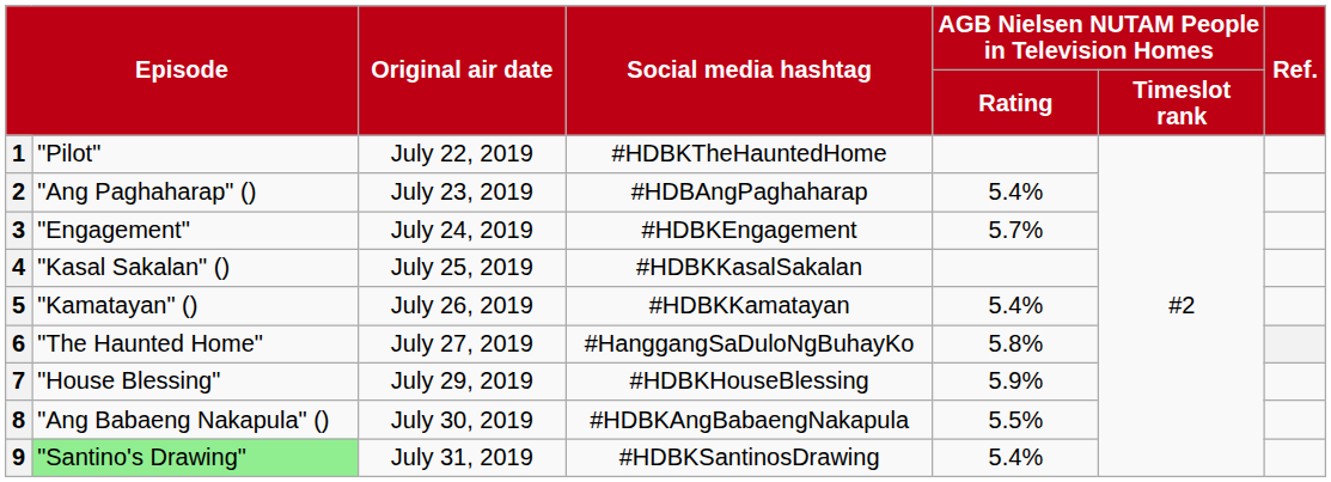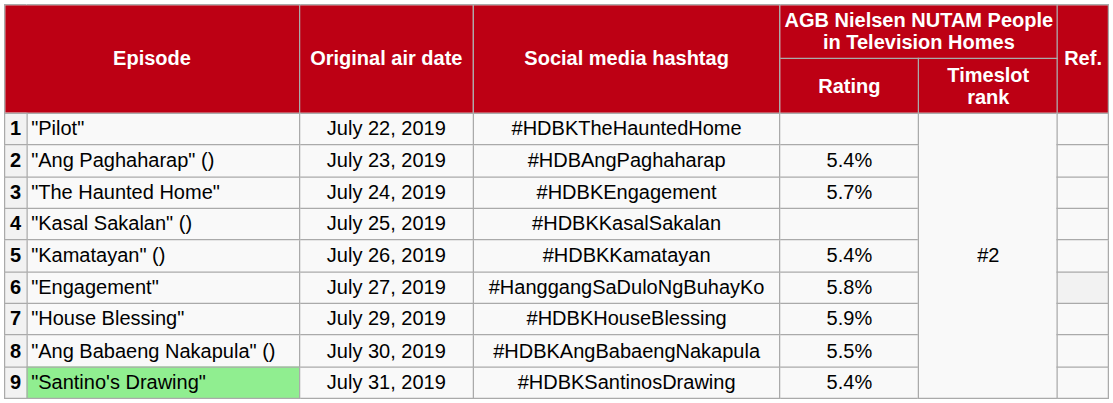 <table class="wikitable" style="text-align:center; font-size:100%; line-height:18px;" width="100%">
 <tr>
 <th style="background-color:#BD0014; color:#ffffff;" colspan="2" rowspan="2">Episode</th>
 <th style="background-color:#BD0014; color:white" rowspan="2">Original air date</th>
 <th style="background-color:#BD0014; color:white" rowspan="2">Social media hashtag</th>
 <th style="background-color:#BD0014; color:#ffffff;" colspan="2">AGB Nielsen NUTAM People in Television Homes</th>
 <th style="background-color:#BD0014; color:#ffffff;" rowspan="2">Ref.</th>
 </tr>
 <tr>
 <th style="background-color:#BD0014; width:75px; color:#ffffff;">Rating</th>
 <th style="background-color:#BD0014; width:75px; color:#ffffff;">Timeslot<br>rank</th>
 </tr>
 <tr>
 <th>1</th>
 <td style="text-align: left;">"Pilot"</td>
 <td>July 22, 2019</td>
 <td>#HDBKTheHauntedHome</td>
 <td></td>
 <td rowspan="9">#2</td>
 <td></td>
 </tr>
 <tr>
 <th>2</th>
 <td style="text-align: left;">"Ang Paghaharap" ()</td>
 <td>July 23, 2019</td>
 <td>#HDBAngPaghaharap</td>
 <td>5.4%</td>
 <td></td>
 </tr>
 <tr>
 <th>3</th>
-<td style="text-align: left;">"Engagement"</td>
+<td style="text-align: left;">"The Haunted Home"</td>
 <td>July 24, 2019</td>
 <td>#HDBKEngagement</td>
 <td>5.7%</td>
 <td></td>
 </tr>
 <tr>
 <th>4</th>
 <td style="text-align: left;">"Kasal Sakalan" ()</td>
 <td>July 25, 2019</td>
 <td>#HDBKKasalSakalan</td>
 <td></td>
 <td></td>
 </tr>
 <tr>
 <th>5</th>
 <td style="text-align: left;">"Kamatayan" ()</td>
 <td>July 26, 2019</td>
 <td>#HDBKKamatayan</td>
 <td>5.4%</td>
 <td></td>
 </tr>
 <tr>
 <th>6</th>
-<td style="text-align: left;">"The Haunted Home"</td>
+<td style="text-align: left;">"Engagement"</td>
 <td>July 27, 2019</td>
 <td>#HanggangSaDuloNgBuhayKo</td>
 <td>5.8%</td>
 <th></th>
 </tr>
 <tr>
 <th>7</th>
 <td style="text-align: left;">"House Blessing"</td>
 <td>July 29, 2019</td>
 <td>#HDBKHouseBlessing</td>
 <td>5.9%</td>
 <td></td>
 </tr>
 <tr>
 <th>8</th>
 <td style="text-align: left;">"Ang Babaeng Nakapula" ()</td>
 <td>July 30, 2019</td>
 <td>#HDBKAngBabaengNakapula</td>
 <td>5.5%</td>
 <td></td>
 </tr>
 <tr>
 <th>9</th>
 <td style="background: lightgreen; text-align: left;">"Santino's Drawing"</td>
 <td>July 31, 2019</td>
 <td>#HDBKSantinosDrawing</td>
 <td>5.4%</td>
 <td></td>
 </tr>
 </table>
